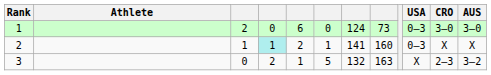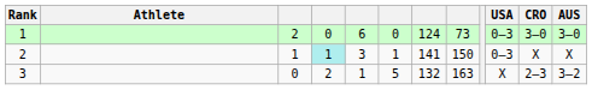 <table class="wikitable" style="text-align:center">
 <tr>
 <th>Rank</th>
 <th width=250>Athlete</th>
 <th width=30></th>
 <th width=30></th>
 <th width=30></th>
 <th width=30></th>
 <th width=30></th>
 <th width=30></th>
 <th rowspan=4></th>
 <th width=30>USA</th>
 <th width=30>CRO</th>
 <th width=30>AUS</th>
 </tr>
 <tr style="background-color:#ccffcc;">
 <td>1</td>
 <td align=left></td>
 <td>2</td>
 <td>0</td>
 <td>6</td>
 <td>0</td>
 <td>124</td>
 <td>73</td>
 <td>0–3</td>
 <td>3–0</td>
 <td>3–0</td>
 </tr>
 <tr>
 <td>2</td>
 <td align=left></td>
 <td>1</td>
 <td style="background: paleturquoise;">1</td>
-<td>2</td>
+<td>3</td>
 <td>1</td>
 <td>141</td>
-<td>160</td>
+<td>150</td>
 <td>0–3</td>
 <td>X</td>
 <td>X</td>
 </tr>
 <tr>
 <td>3</td>
 <td align=left></td>
 <td>0</td>
 <td>2</td>
 <td>1</td>
 <td>5</td>
 <td>132</td>
 <td>163</td>
 <td>X</td>
 <td>2–3</td>
 <td>3–2</td>
 </tr>
 </table>
